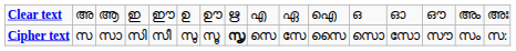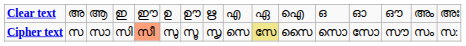 <table class="wikitable">
 <tr>
 <td><strong><a href='#'>Clear text</a></strong></td>
 <td>അ</td>
 <td>ആ</td>
 <td>ഇ</td>
 <td>ഈ</td>
 <td>ഉ</td>
 <td>ഊ</td>
 <td>ഋ</td>
 <td>എ</td>
 <td>ഏ</td>
 <td>ഐ</td>
 <td>ഒ</td>
 <td>ഓ</td>
 <td>ഔ</td>
 <td>അം</td>
 <td>അഃ</td>
 </tr>
 <tr>
 <td><strong><a href='#'>Cipher text</a></strong></td>
 <td>സ</td>
 <td>സാ</td>
 <td>സി</td>
-<td>സീ</td>
+<td style="background: lightsalmon;">സീ</td>
 <td>സു</td>
 <td>സൂ</td>
-<td><strong>സൃ</strong></td>
+<td>സൃ</td>
 <td>സെ</td>
-<td>സേ</td>
+<td style="background: khaki;">സേ</td>
 <td>സൈ</td>
 <td>സൊ</td>
 <td>സോ</td>
 <td>സൗ</td>
 <td>സം</td>
 <td>സ:</td>
 </tr>
 </table>
